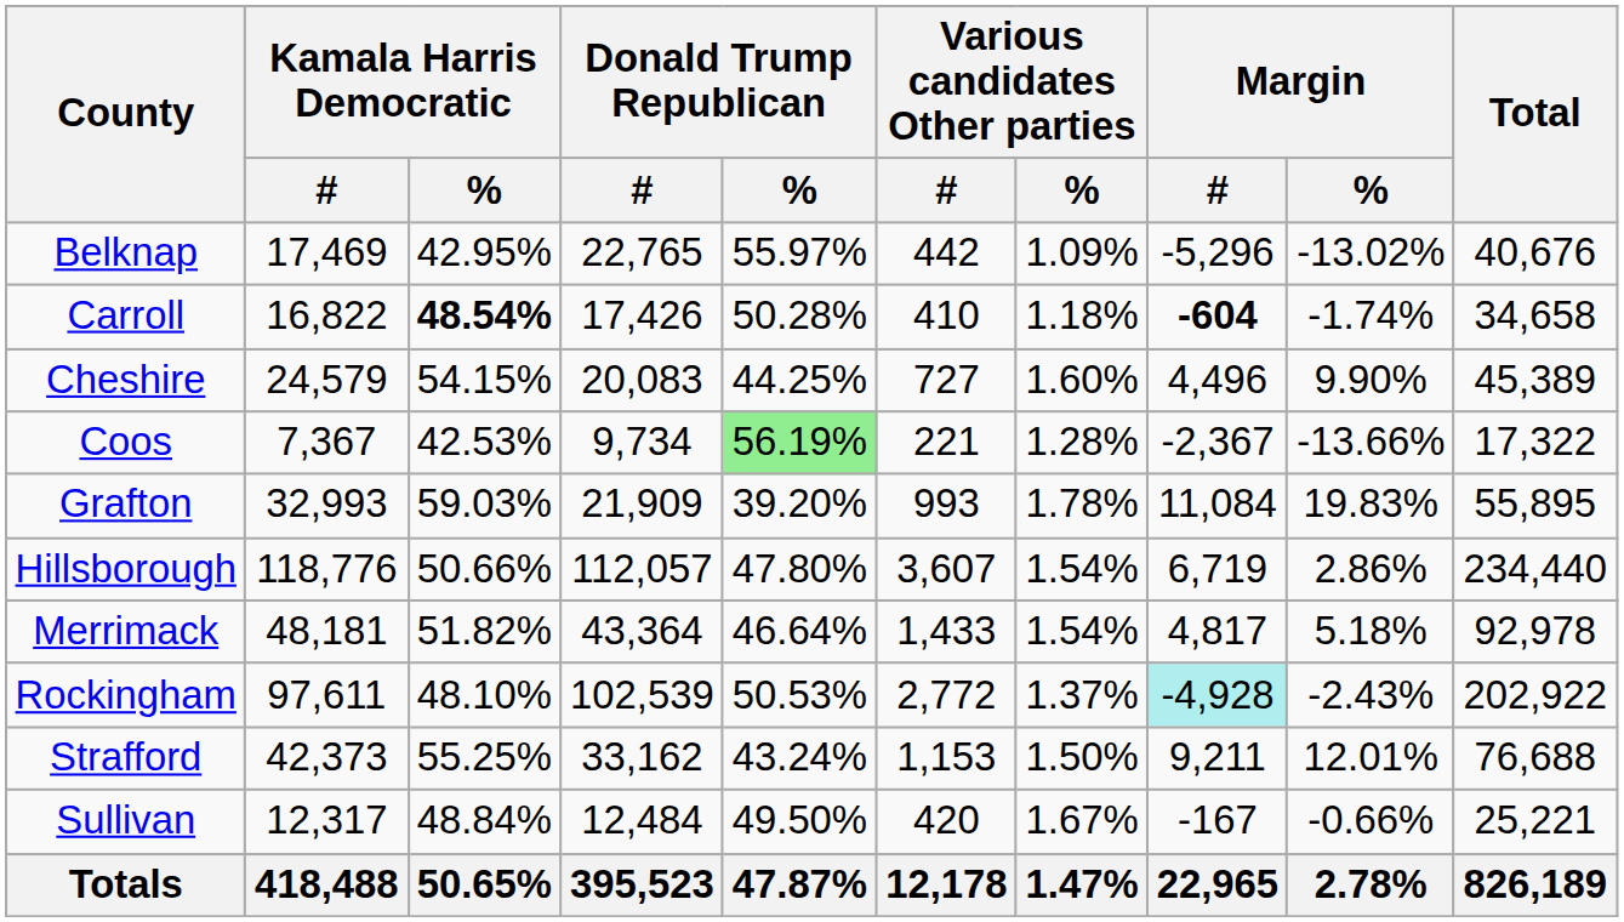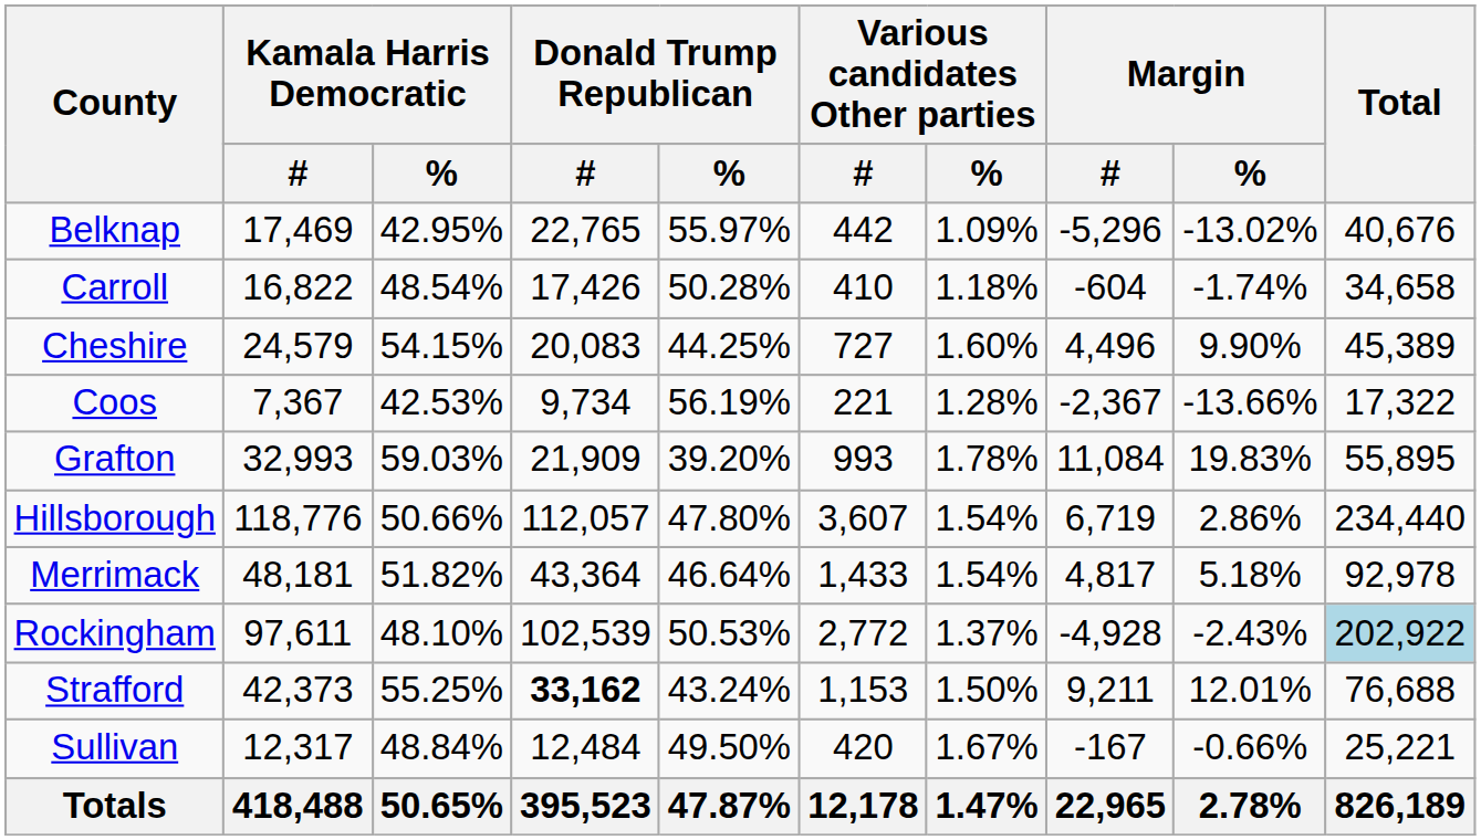 <table width="60%"  class="wikitable sortable" style="text-align:center">
 <tr>
 <th style="text-align:center;" rowspan="2">County</th>
 <th style="text-align:center;" colspan="2">Kamala Harris<br>Democratic</th>
 <th style="text-align:center;" colspan="2">Donald Trump<br>Republican</th>
 <th style="text-align:center;" colspan="2">Various candidates<br>Other parties</th>
 <th style="text-align:center;" colspan="2">Margin</th>
 <th style="text-align:center;" rowspan="2">Total</th>
 </tr>
 <tr>
 <th style="text-align:center;" data-sort-type="number">#</th>
 <th style="text-align:center;" data-sort-type="number">%</th>
 <th style="text-align:center;" data-sort-type="number">#</th>
 <th style="text-align:center;" data-sort-type="number">%</th>
 <th style="text-align:center;" data-sort-type="number">#</th>
 <th style="text-align:center;" data-sort-type="number">%</th>
 <th style="text-align:center;" data-sort-type="number">#</th>
 <th style="text-align:center;" data-sort-type="number">%</th>
 </tr>
 <tr style="text-align:center;">
 <td><a href='#'>Belknap</a></td>
 <td>17,469</td>
 <td>42.95%</td>
 <td>22,765</td>
 <td>55.97%</td>
 <td>442</td>
 <td>1.09%</td>
 <td>-5,296</td>
 <td>-13.02%</td>
 <td>40,676</td>
 </tr>
 <tr style="text-align:center;">
 <td><a href='#'>Carroll</a></td>
 <td>16,822</td>
-<td><strong>48.54%</strong></td>
+<td>48.54%</td>
 <td>17,426</td>
 <td>50.28%</td>
 <td>410</td>
 <td>1.18%</td>
-<td><strong>-604</strong></td>
+<td>-604</td>
 <td>-1.74%</td>
 <td>34,658</td>
 </tr>
 <tr style="text-align:center;">
 <td><a href='#'>Cheshire</a></td>
 <td>24,579</td>
 <td>54.15%</td>
 <td>20,083</td>
 <td>44.25%</td>
 <td>727</td>
 <td>1.60%</td>
 <td>4,496</td>
 <td>9.90%</td>
 <td>45,389</td>
 </tr>
 <tr style="text-align:center;">
 <td><a href='#'>Coos</a></td>
 <td>7,367</td>
 <td>42.53%</td>
 <td>9,734</td>
-<td style="background: lightgreen;">56.19%</td>
+<td>56.19%</td>
 <td>221</td>
 <td>1.28%</td>
 <td>-2,367</td>
 <td>-13.66%</td>
 <td>17,322</td>
 </tr>
 <tr style="text-align:center;">
 <td><a href='#'>Grafton</a></td>
 <td>32,993</td>
 <td>59.03%</td>
 <td>21,909</td>
 <td>39.20%</td>
 <td>993</td>
 <td>1.78%</td>
 <td>11,084</td>
 <td>19.83%</td>
 <td>55,895</td>
 </tr>
 <tr style="text-align:center;">
 <td><a href='#'>Hillsborough</a></td>
 <td>118,776</td>
 <td>50.66%</td>
 <td>112,057</td>
 <td>47.80%</td>
 <td>3,607</td>
 <td>1.54%</td>
 <td>6,719</td>
 <td>2.86%</td>
 <td>234,440</td>
 </tr>
 <tr style="text-align:center;">
 <td><a href='#'>Merrimack</a></td>
 <td>48,181</td>
 <td>51.82%</td>
 <td>43,364</td>
 <td>46.64%</td>
 <td>1,433</td>
 <td>1.54%</td>
 <td>4,817</td>
 <td>5.18%</td>
 <td>92,978</td>
 </tr>
 <tr style="text-align:center;">
 <td><a href='#'>Rockingham</a></td>
 <td>97,611</td>
 <td>48.10%</td>
 <td>102,539</td>
 <td>50.53%</td>
 <td>2,772</td>
 <td>1.37%</td>
-<td style="background: paleturquoise;">-4,928</td>
+<td>-4,928</td>
 <td>-2.43%</td>
-<td>202,922</td>
+<td style="background: lightblue;">202,922</td>
 </tr>
 <tr style="text-align:center;">
 <td><a href='#'>Strafford</a></td>
 <td>42,373</td>
 <td>55.25%</td>
-<td>33,162</td>
+<td><strong>33,162</strong></td>
 <td>43.24%</td>
 <td>1,153</td>
 <td>1.50%</td>
 <td>9,211</td>
 <td>12.01%</td>
 <td>76,688</td>
 </tr>
 <tr style="text-align:center;">
 <td><a href='#'>Sullivan</a></td>
 <td>12,317</td>
 <td>48.84%</td>
 <td>12,484</td>
 <td>49.50%</td>
 <td>420</td>
 <td>1.67%</td>
 <td>-167</td>
 <td>-0.66%</td>
 <td>25,221</td>
 </tr>
 <tr>
 <th>Totals</th>
 <th>418,488</th>
 <th>50.65%</th>
 <th>395,523</th>
 <th>47.87%</th>
 <th>12,178</th>
 <th>1.47%</th>
 <th>22,965</th>
 <th>2.78%</th>
 <th>826,189</th>
 </tr>
 </table>
